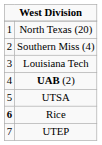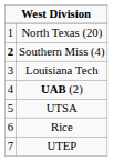 <table class="wikitable">
 <tr align="center">
 <td align="center" Colspan="2"><strong>West Division</strong></td>
 </tr>
 <tr align="center">
 </tr>
 <tr align="center">
 <td>1</td>
 <td>North Texas (20)</td>
 </tr>
 <tr align="center">
-<td>2</td>
+<td><strong>2</strong></td>
 <td>Southern Miss (4)</td>
 </tr>
 <tr align="center">
 <td>3</td>
 <td>Louisiana Tech</td>
 </tr>
 <tr align="center">
 <td>4</td>
 <td><strong>UAB</strong> (2)</td>
 </tr>
 <tr align="center">
 <td>5</td>
 <td>UTSA</td>
 </tr>
 <tr align="center">
-<td><strong>6</strong></td>
+<td>6</td>
 <td>Rice</td>
 </tr>
 <tr align="center">
 <td>7</td>
 <td>UTEP</td>
 </tr>
 </table>
